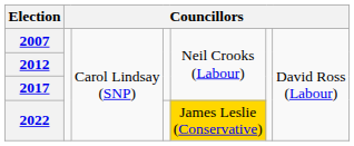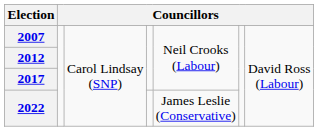 <table class="wikitable" style="text-align:center">
 <tr>
 <th>Election</th>
 <th colspan=6>Councillors</th>
 </tr>
 <tr>
 <th><a href='#'>2007</a></th>
 <td rowspan=4; style="background-color: "></td>
 <td rowspan=4>Carol Lindsay<br>(<a href='#'>SNP</a>)</td>
 <td rowspan=3; style="background-color: "></td>
 <td rowspan=3>Neil Crooks<br>(<a href='#'>Labour</a>)</td>
 <td rowspan=4; style="background-color: "></td>
 <td rowspan=4>David Ross<br>(<a href='#'>Labour</a>)</td>
 </tr>
 <tr>
 <th><a href='#'>2012</a></th>
 </tr>
 <tr>
 <th><a href='#'>2017</a></th>
 </tr>
 <tr>
 <th><a href='#'>2022</a></th>
 <td rowspan=1; style="background-color: "></td>
-<td rowspan=1 style="background: gold;">James Leslie<br>(<a href='#'>Conservative</a>)</td>
+<td rowspan=1>James Leslie<br>(<a href='#'>Conservative</a>)</td>
 </tr>
 </table>
